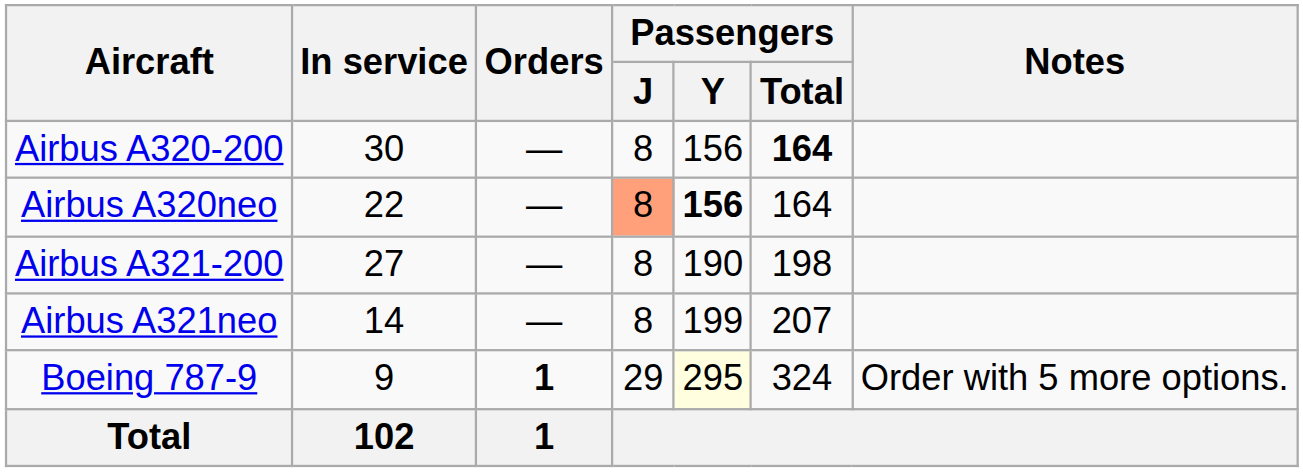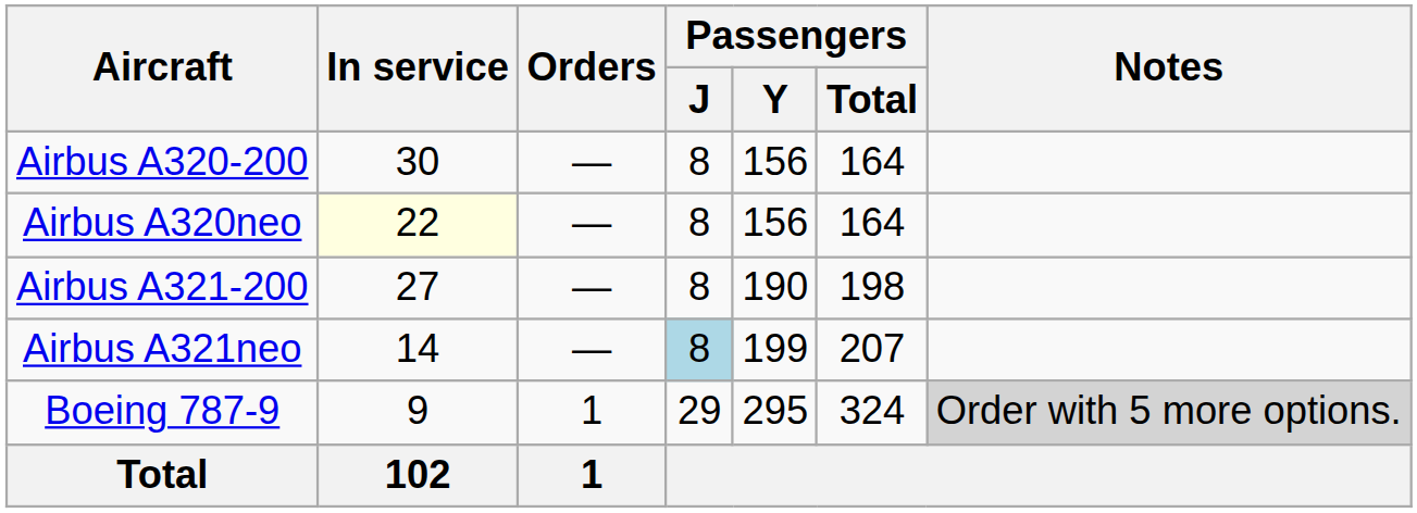 <table class="wikitable" style="text-align:center; margin:0.5em auto">
 <tr>
 <th rowspan="2">Aircraft</th>
 <th rowspan="2">In service</th>
 <th rowspan="2">Orders</th>
 <th colspan="3">Passengers</th>
 <th rowspan="2">Notes</th>
 </tr>
 <tr>
 <th width="20px;"><abbr>J</abbr></th>
 <th width="20px;"><abbr>Y</abbr></th>
 <th>Total</th>
 </tr>
 <tr>
 <td><a href='#'>Airbus A320-200</a></td>
 <td>30</td>
 <td>—</td>
 <td>8</td>
 <td>156</td>
-<td><strong>164</strong></td>
+<td>164</td>
 <td></td>
 </tr>
 <tr>
 <td><a href='#'>Airbus A320neo</a></td>
-<td>22</td>
+<td style="background: lightyellow;">22</td>
 <td>—</td>
-<td style="background: lightsalmon;">8</td>
-<td><strong>156</strong></td>
+<td>8</td>
+<td>156</td>
 <td>164</td>
 <td></td>
 </tr>
 <tr>
 <td><a href='#'>Airbus A321-200</a></td>
 <td>27</td>
 <td>—</td>
 <td>8</td>
 <td>190</td>
 <td>198</td>
 <td></td>
 </tr>
 <tr>
 <td><a href='#'>Airbus A321neo</a></td>
 <td>14</td>
 <td>—</td>
-<td>8</td>
+<td style="background: lightblue;">8</td>
 <td>199</td>
 <td>207</td>
 <td></td>
 </tr>
 <tr>
 <td><a href='#'>Boeing 787-9</a></td>
 <td>9</td>
-<td><strong>1</strong></td>
+<td>1</td>
 <td>29</td>
-<td style="background: lightyellow;">295</td>
+<td>295</td>
 <td>324</td>
-<td>Order with 5 more options.</td>
+<td style="background: lightgrey;">Order with 5 more options.</td>
 </tr>
 <tr>
 <th>Total</th>
 <th>102</th>
 <th>1</th>
 <th colspan="4"></th>
 </tr>
 </table>
